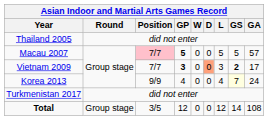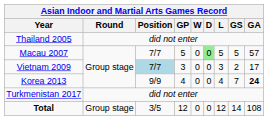 <table class="wikitable" style="text-align: center;font-size:90%;">
 <tr>
 <th colspan=9><a href='#'>Asian Indoor and Martial Arts Games Record</a></th>
 </tr>
 <tr>
 <th>Year</th>
 <th>Round</th>
 <th>Position</th>
 <th>GP</th>
 <th>W</th>
 <th>D</th>
 <th>L</th>
 <th>GS</th>
 <th>GA</th>
 </tr>
 <tr>
 <td><a href='#'>Thailand 2005</a></td>
 <td rowspan="1" colspan="8"><em>did not enter</em></td>
 </tr>
 <tr>
 <td><a href='#'>Macau 2007</a></td>
 <td rowspan="3" colspan="1">Group stage</td>
-<td style="background: pink;">7/7</td>
-<td><strong>5</strong></td>
+<td>7/7</td>
+<td>5</td>
 <td>0</td>
-<td>0</td>
+<td style="background: lightgreen;">0</td>
 <td>5</td>
 <td>5</td>
 <td>57</td>
 </tr>
 <tr>
 <td><a href='#'>Vietnam 2009</a></td>
-<td>7/7</td>
-<td><strong>3</strong></td>
+<td style="background: lightblue;">7/7</td>
+<td>3</td>
 <td>0</td>
-<td style="background: lightsalmon;">0</td>
+<td>0</td>
 <td>3</td>
-<td><strong>2</strong></td>
+<td>2</td>
 <td>17</td>
 </tr>
 <tr>
 <td><a href='#'>Korea 2013</a></td>
 <td>9/9</td>
 <td>4</td>
 <td>0</td>
 <td>0</td>
 <td>4</td>
-<td style="background: lightyellow;">7</td>
-<td>24</td>
+<td>7</td>
+<td><strong>24</strong></td>
 </tr>
 <tr>
 <td><a href='#'>Turkmenistan 2017</a></td>
 <td rowspan="1" colspan="8"><em>did not enter</em></td>
 </tr>
 <tr>
 <td><strong>Total</strong></td>
 <td>Group stage</td>
 <td>3/5</td>
 <td>12</td>
 <td>0</td>
 <td>0</td>
 <td>12</td>
 <td>14</td>
 <td>108</td>
 </tr>
 </table>
